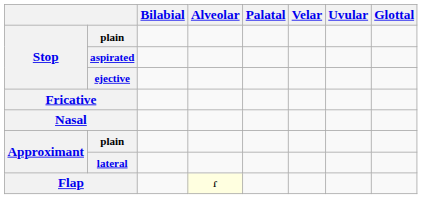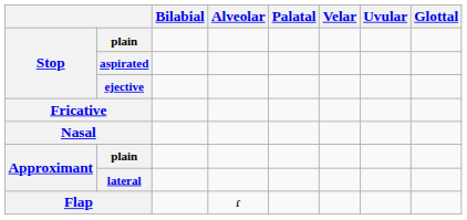 <table class="wikitable" style="text-align:center">
 <tr>
 <th colspan="2"></th>
 <th><a href='#'>Bilabial</a></th>
 <th><a href='#'>Alveolar</a></th>
 <th><a href='#'>Palatal</a></th>
 <th><a href='#'>Velar</a></th>
 <th><a href='#'>Uvular</a></th>
 <th><a href='#'>Glottal</a></th>
 </tr>
 <tr>
 <th rowspan="3"><a href='#'>Stop</a></th>
 <th><small>plain</small></th>
 <td></td>
 <td></td>
 <td></td>
 <td></td>
 <td></td>
 <td></td>
 </tr>
 <tr>
 <th><a href='#'><small>aspirated</small></a></th>
 <td></td>
 <td></td>
 <td></td>
 <td></td>
 <td></td>
 <td></td>
 </tr>
 <tr>
 <th><a href='#'><small>ejective</small></a></th>
 <td></td>
 <td></td>
 <td></td>
 <td></td>
 <td></td>
 <td></td>
 </tr>
 <tr>
 <th colspan="2"><a href='#'>Fricative</a></th>
 <td></td>
 <td></td>
 <td></td>
 <td></td>
 <td></td>
 <td></td>
 </tr>
 <tr>
 <th colspan="2"><a href='#'>Nasal</a></th>
 <td></td>
 <td></td>
 <td></td>
 <td></td>
 <td></td>
 <td></td>
 </tr>
 <tr>
 <th rowspan="2"><a href='#'>Approximant</a></th>
 <th><small>plain</small></th>
 <td></td>
 <td></td>
 <td></td>
 <td></td>
 <td></td>
 <td></td>
 </tr>
 <tr>
 <th><a href='#'><small>lateral</small></a></th>
 <td></td>
 <td></td>
 <td></td>
 <td></td>
 <td></td>
 <td></td>
 </tr>
 <tr>
 <th colspan="2"><a href='#'>Flap</a></th>
 <td></td>
-<td style="background: lightyellow;">ɾ</td>
+<td>ɾ</td>
 <td></td>
 <td></td>
 <td></td>
 <td></td>
 </tr>
 </table>
